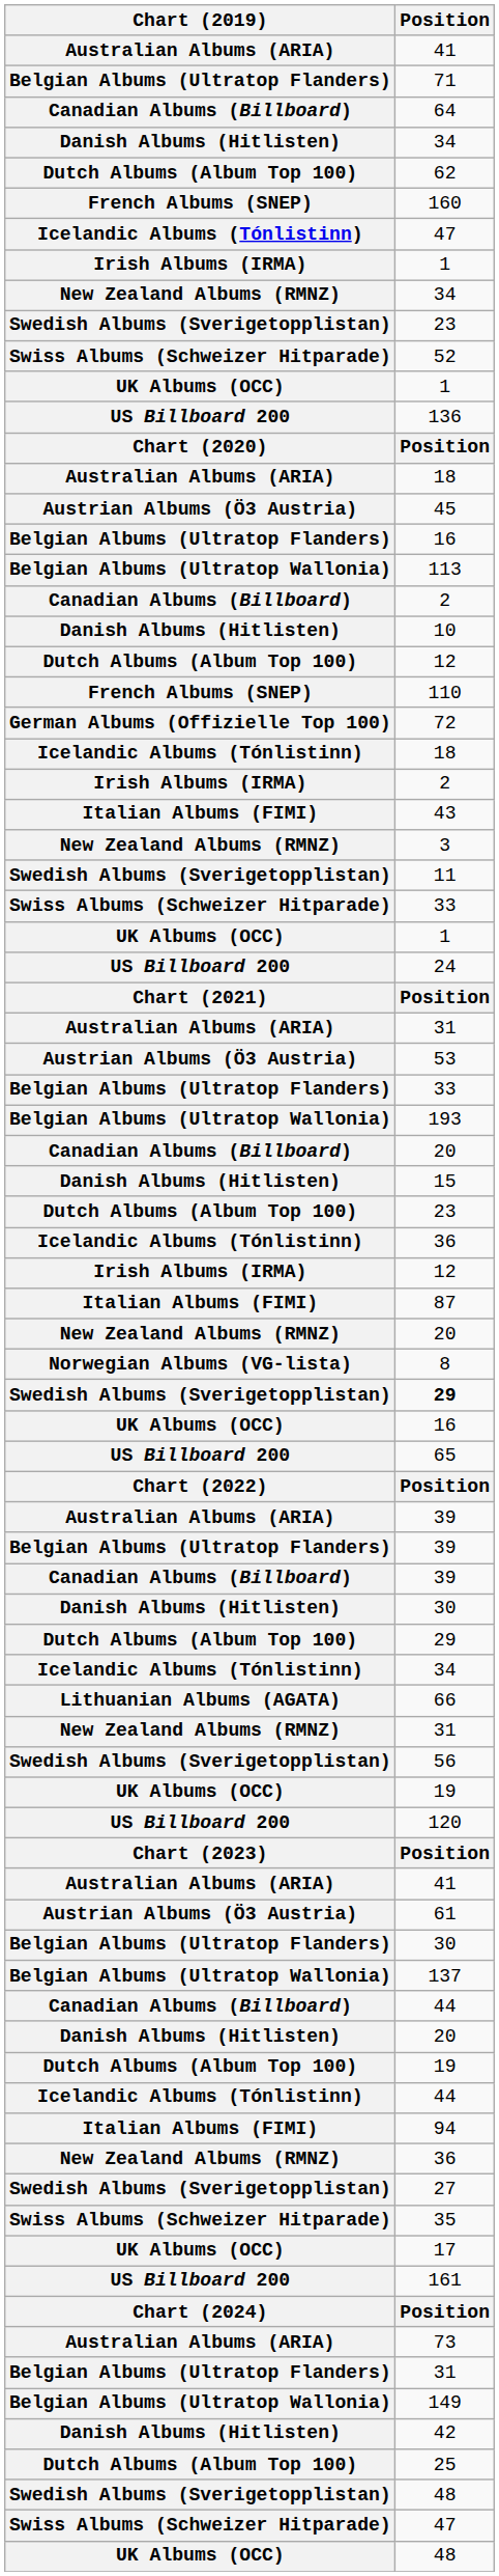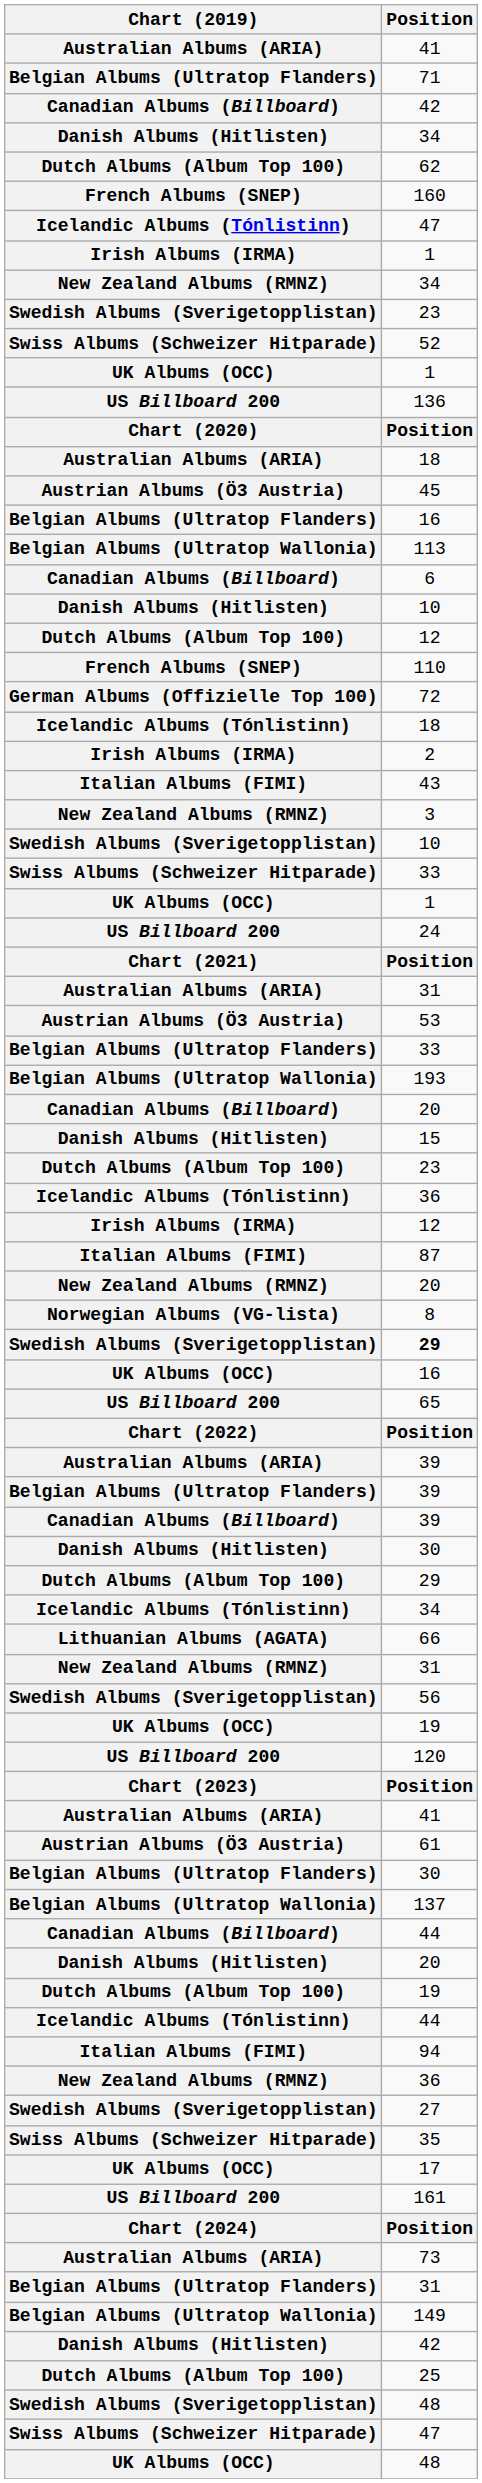 <table class="wikitable sortable plainrowheaders" style="text-align:center">
 <tr>
 <th scope="col">Chart (2019)</th>
 <th scope="col">Position</th>
 </tr>
 <tr>
 <th scope="row">Australian Albums (ARIA)</th>
 <td>41</td>
 </tr>
 <tr>
 <th scope="row">Belgian Albums (Ultratop Flanders)</th>
 <td>71</td>
 </tr>
 <tr>
 <th scope="row">Canadian Albums (<em>Billboard</em>)</th>
-<td>64</td>
+<td>42</td>
 </tr>
 <tr>
 <th scope="row">Danish Albums (Hitlisten)</th>
 <td>34</td>
 </tr>
 <tr>
 <th scope="row">Dutch Albums (Album Top 100)</th>
 <td>62</td>
 </tr>
 <tr>
 <th scope="row">French Albums (SNEP)</th>
 <td>160</td>
 </tr>
 <tr>
 <th scope="row">Icelandic Albums (<a href='#'>Tónlistinn</a>)</th>
 <td>47</td>
 </tr>
 <tr>
 <th scope="row">Irish Albums (IRMA)</th>
 <td>1</td>
 </tr>
 <tr>
 <th scope="row">New Zealand Albums (RMNZ)</th>
 <td>34</td>
 </tr>
 <tr>
 <th scope="row">Swedish Albums (Sverigetopplistan)</th>
 <td>23</td>
 </tr>
 <tr>
 <th scope="row">Swiss Albums (Schweizer Hitparade)</th>
 <td>52</td>
 </tr>
 <tr>
 <th scope="row">UK Albums (OCC)</th>
 <td>1</td>
 </tr>
 <tr>
 <th scope="row">US <em>Billboard</em> 200</th>
 <td>136</td>
 </tr>
 <tr>
 <th scope="col">Chart (2020)</th>
 <th scope="col">Position</th>
 </tr>
 <tr>
 <th scope="row">Australian Albums (ARIA)</th>
 <td>18</td>
 </tr>
 <tr>
 <th scope="row">Austrian Albums (Ö3 Austria)</th>
 <td>45</td>
 </tr>
 <tr>
 <th scope="row">Belgian Albums (Ultratop Flanders)</th>
 <td>16</td>
 </tr>
 <tr>
 <th scope="row">Belgian Albums (Ultratop Wallonia)</th>
 <td>113</td>
 </tr>
 <tr>
 <th scope="row">Canadian Albums (<em>Billboard</em>)</th>
-<td>2</td>
+<td>6</td>
 </tr>
 <tr>
 <th scope="row">Danish Albums (Hitlisten)</th>
 <td>10</td>
 </tr>
 <tr>
 <th scope="row">Dutch Albums (Album Top 100)</th>
 <td>12</td>
 </tr>
 <tr>
 <th scope="row">French Albums (SNEP)</th>
 <td>110</td>
 </tr>
 <tr>
 <th scope="row">German Albums (Offizielle Top 100)</th>
 <td>72</td>
 </tr>
 <tr>
 <th scope="row">Icelandic Albums (Tónlistinn)</th>
 <td>18</td>
 </tr>
 <tr>
 <th scope="row">Irish Albums (IRMA)</th>
 <td>2</td>
 </tr>
 <tr>
 <th scope="row">Italian Albums (FIMI)</th>
 <td>43</td>
 </tr>
 <tr>
 <th scope="row">New Zealand Albums (RMNZ)</th>
 <td>3</td>
 </tr>
 <tr>
 <th scope="row">Swedish Albums (Sverigetopplistan)</th>
-<td>11</td>
+<td>10</td>
 </tr>
 <tr>
 <th scope="row">Swiss Albums (Schweizer Hitparade)</th>
 <td>33</td>
 </tr>
 <tr>
 <th scope="row">UK Albums (OCC)</th>
 <td>1</td>
 </tr>
 <tr>
 <th scope="row">US <em>Billboard</em> 200</th>
 <td>24</td>
 </tr>
 <tr>
 <th scope="col">Chart (2021)</th>
 <th scope="col">Position</th>
 </tr>
 <tr>
 <th scope="row">Australian Albums (ARIA)</th>
 <td>31</td>
 </tr>
 <tr>
 <th scope="row">Austrian Albums (Ö3 Austria)</th>
 <td>53</td>
 </tr>
 <tr>
 <th scope="row">Belgian Albums (Ultratop Flanders)</th>
 <td>33</td>
 </tr>
 <tr>
 <th scope="row">Belgian Albums (Ultratop Wallonia)</th>
 <td>193</td>
 </tr>
 <tr>
 <th scope="row">Canadian Albums (<em>Billboard</em>)</th>
 <td>20</td>
 </tr>
 <tr>
 <th scope="row">Danish Albums (Hitlisten)</th>
 <td>15</td>
 </tr>
 <tr>
 <th scope="row">Dutch Albums (Album Top 100)</th>
 <td>23</td>
 </tr>
 <tr>
 <th scope="row">Icelandic Albums (Tónlistinn)</th>
 <td>36</td>
 </tr>
 <tr>
 <th scope="row">Irish Albums (IRMA)</th>
 <td>12</td>
 </tr>
 <tr>
 <th scope="row">Italian Albums (FIMI)</th>
 <td>87</td>
 </tr>
 <tr>
 <th scope="row">New Zealand Albums (RMNZ)</th>
 <td>20</td>
 </tr>
 <tr>
 <th scope="row">Norwegian Albums (VG-lista)</th>
 <td>8</td>
 </tr>
 <tr>
 <th scope="row">Swedish Albums (Sverigetopplistan)</th>
 <td><strong>29</strong></td>
 </tr>
 <tr>
 <th scope="row">UK Albums (OCC)</th>
 <td>16</td>
 </tr>
 <tr>
 <th scope="row">US <em>Billboard</em> 200</th>
 <td>65</td>
 </tr>
 <tr>
 <th scope="col">Chart (2022)</th>
 <th scope="col">Position</th>
 </tr>
 <tr>
 <th scope="row">Australian Albums (ARIA)</th>
 <td>39</td>
 </tr>
 <tr>
 <th scope="row">Belgian Albums (Ultratop Flanders)</th>
 <td>39</td>
 </tr>
 <tr>
 <th scope="row">Canadian Albums (<em>Billboard</em>)</th>
 <td>39</td>
 </tr>
 <tr>
 <th scope="row">Danish Albums (Hitlisten)</th>
 <td>30</td>
 </tr>
 <tr>
 <th scope="row">Dutch Albums (Album Top 100)</th>
 <td>29</td>
 </tr>
 <tr>
 <th scope="row">Icelandic Albums (Tónlistinn)</th>
 <td>34</td>
 </tr>
 <tr>
 <th scope="row">Lithuanian Albums (AGATA)</th>
 <td>66</td>
 </tr>
 <tr>
 <th scope="row">New Zealand Albums (RMNZ)</th>
 <td>31</td>
 </tr>
 <tr>
 <th scope="row">Swedish Albums (Sverigetopplistan)</th>
 <td>56</td>
 </tr>
 <tr>
 <th scope="row">UK Albums (OCC)</th>
 <td>19</td>
 </tr>
 <tr>
 <th scope="row">US <em>Billboard</em> 200</th>
 <td>120</td>
 </tr>
 <tr>
 <th scope="col">Chart (2023)</th>
 <th scope="col">Position</th>
 </tr>
 <tr>
 <th scope="row">Australian Albums (ARIA)</th>
 <td>41</td>
 </tr>
 <tr>
 <th scope="row">Austrian Albums (Ö3 Austria)</th>
 <td>61</td>
 </tr>
 <tr>
 <th scope="row">Belgian Albums (Ultratop Flanders)</th>
 <td>30</td>
 </tr>
 <tr>
 <th scope="row">Belgian Albums (Ultratop Wallonia)</th>
 <td>137</td>
 </tr>
 <tr>
 <th scope="row">Canadian Albums (<em>Billboard</em>)</th>
 <td>44</td>
 </tr>
 <tr>
 <th scope="row">Danish Albums (Hitlisten)</th>
 <td>20</td>
 </tr>
 <tr>
 <th scope="row">Dutch Albums (Album Top 100)</th>
 <td>19</td>
 </tr>
 <tr>
 <th scope="row">Icelandic Albums (Tónlistinn)</th>
 <td>44</td>
 </tr>
 <tr>
 <th scope="row">Italian Albums (FIMI)</th>
 <td>94</td>
 </tr>
 <tr>
 <th scope="row">New Zealand Albums (RMNZ)</th>
 <td>36</td>
 </tr>
 <tr>
 <th scope="row">Swedish Albums (Sverigetopplistan)</th>
 <td>27</td>
 </tr>
 <tr>
 <th scope="row">Swiss Albums (Schweizer Hitparade)</th>
 <td>35</td>
 </tr>
 <tr>
 <th scope="row">UK Albums (OCC)</th>
 <td>17</td>
 </tr>
 <tr>
 <th scope="row">US <em>Billboard</em> 200</th>
 <td>161</td>
 </tr>
 <tr>
 <th scope="col">Chart (2024)</th>
 <th scope="col">Position</th>
 </tr>
 <tr>
 <th scope="row">Australian Albums (ARIA)</th>
 <td>73</td>
 </tr>
 <tr>
 <th scope="row">Belgian Albums (Ultratop Flanders)</th>
 <td>31</td>
 </tr>
 <tr>
 <th scope="row">Belgian Albums (Ultratop Wallonia)</th>
 <td>149</td>
 </tr>
 <tr>
 <th scope="row">Danish Albums (Hitlisten)</th>
 <td>42</td>
 </tr>
 <tr>
 <th scope="row">Dutch Albums (Album Top 100)</th>
 <td>25</td>
 </tr>
 <tr>
 <th scope="row">Swedish Albums (Sverigetopplistan)</th>
 <td>48</td>
 </tr>
 <tr>
 <th scope="row">Swiss Albums (Schweizer Hitparade)</th>
 <td>47</td>
 </tr>
 <tr>
 <th scope="row">UK Albums (OCC)</th>
 <td>48</td>
 </tr>
 </table>
